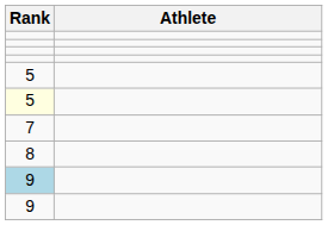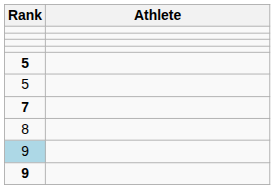 <table class="wikitable" style="text-align: center;">
 <tr>
 <th width=40>Rank</th>
 <th width=250>Athlete</th>
 </tr>
 <tr>
 <td></td>
 <td align=left></td>
 </tr>
 <tr>
 <td></td>
 <td align=left></td>
 </tr>
 <tr>
 <td></td>
 <td align=left></td>
 </tr>
 <tr>
 <td></td>
 <td align=left></td>
 </tr>
 <tr>
+<td><strong>5</strong></td>
+<td align=left></td>
+</tr>
+<tr>
 <td>5</td>
 <td align=left></td>
 </tr>
 <tr>
-<td style="background: lightyellow;">5</td>
-<td align=left></td>
-</tr>
-<tr>
-<td>7</td>
+<td><strong>7</strong></td>
 <td align=left></td>
 </tr>
 <tr>
 <td>8</td>
 <td align=left></td>
 </tr>
 <tr>
 <td style="background: lightblue;">9</td>
 <td align=left></td>
 </tr>
 <tr>
-<td>9</td>
+<td><strong>9</strong></td>
 <td align=left></td>
 </tr>
 </table>
